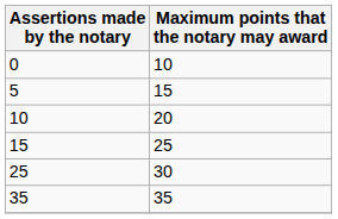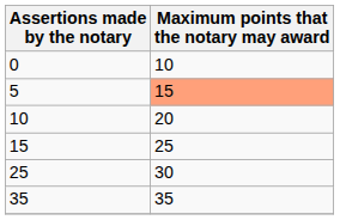 <table class="wikitable sortable">
 <tr>
 <th>Assertions made<br> by the notary</th>
 <th>Maximum points that<br>the notary may award</th>
 </tr>
 <tr>
 <td>0</td>
 <td>10</td>
 </tr>
 <tr>
 <td>5</td>
-<td>15</td>
+<td style="background: lightsalmon;">15</td>
 </tr>
 <tr>
 <td>10</td>
 <td>20</td>
 </tr>
 <tr>
 <td>15</td>
 <td>25</td>
 </tr>
 <tr>
 <td>25</td>
 <td>30</td>
 </tr>
 <tr>
 <td>35</td>
 <td>35</td>
 </tr>
 <tr>
 </tr>
 </table>
